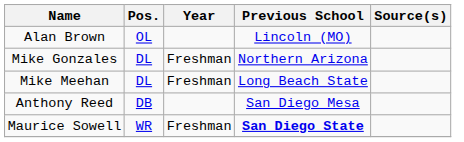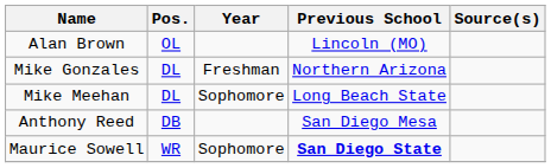 <table class="wikitable sortable" border="1" style="text-align: center;">
 <tr align=center>
 <th>Name</th>
 <th>Pos.</th>
 <th>Year</th>
 <th>Previous School</th>
 <th>Source(s)</th>
 </tr>
 <tr>
 <td>Alan Brown</td>
 <td><a href='#'>OL</a></td>
 <td></td>
 <td><a href='#'>Lincoln (MO)</a></td>
 <td></td>
 </tr>
 <tr>
 <td>Mike Gonzales</td>
 <td><a href='#'>DL</a></td>
 <td> Freshman</td>
 <td><a href='#'>Northern Arizona</a></td>
 <td></td>
 </tr>
 <tr>
 <td>Mike Meehan</td>
 <td><a href='#'>DL</a></td>
-<td> Freshman</td>
+<td> Sophomore</td>
 <td><a href='#'>Long Beach State</a></td>
 <td></td>
 </tr>
 <tr>
 <td>Anthony Reed</td>
 <td><a href='#'>DB</a></td>
 <td></td>
 <td><a href='#'>San Diego Mesa</a></td>
 <td></td>
 </tr>
 <tr>
 <td>Maurice Sowell</td>
 <td><a href='#'>WR</a></td>
-<td> Freshman</td>
+<td> Sophomore</td>
 <td><strong><a href='#'>San Diego State</a></strong></td>
 <td></td>
 </tr>
 <tr>
 </tr>
 </table>
